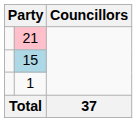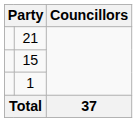 <table class="wikitable">
 <tr>
 <th colspan=2>Party</th>
 <th>Councillors</th>
 </tr>
 <tr>
 <td></td>
-<td align=center style="background: pink;">21</td>
+<td align=center>21</td>
 </tr>
 <tr>
 <td></td>
-<td align=center style="background: lightblue;">15</td>
+<td align=center>15</td>
 </tr>
 <tr>
 <td></td>
 <td align=center>1</td>
 </tr>
 <tr>
 <th colspan=2>Total</th>
 <th align=center>37</th>
 </tr>
 </table>
